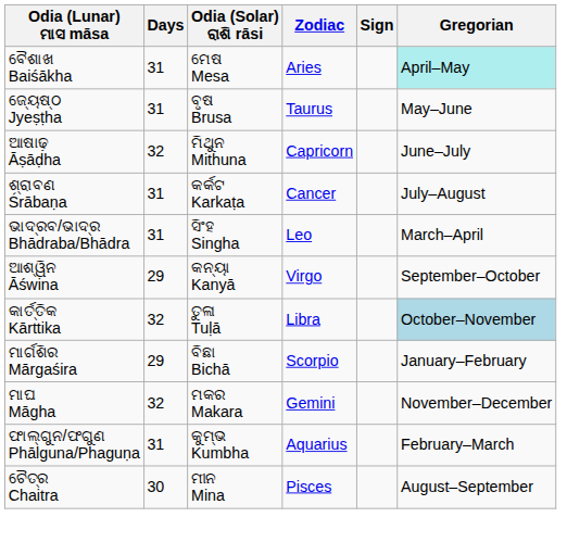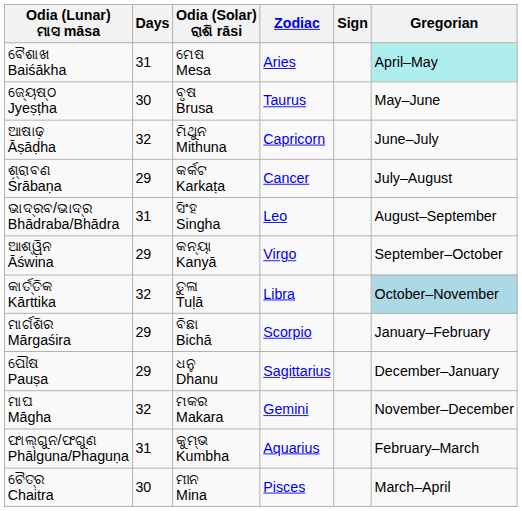 <table class="wikitable">
 <tr>
 <th>Odia (Lunar)<br>ମାସ māsa</th>
 <th>Days</th>
 <th>Odia (Solar)<br>ରାଶି rāsi</th>
 <th><a href='#'>Zodiac</a></th>
 <th>Sign</th>
 <th>Gregorian</th>
 </tr>
 <tr>
 <td>ବୈଶାଖ<br>Baiśākha</td>
 <td>31</td>
 <td>ମେଷ<br>Mesa</td>
 <td><a href='#'>Aries</a></td>
 <td></td>
 <td style="background: paleturquoise;">April–May</td>
 </tr>
 <tr>
 <td>ଜ୍ୟେଷ୍ଠ<br>Jyeṣṭha</td>
-<td>31</td>
+<td>30</td>
 <td>ବୃଷ<br>Brusa</td>
 <td><a href='#'>Taurus</a></td>
 <td></td>
 <td>May–June</td>
 </tr>
 <tr>
 <td>ଆଷାଢ଼<br>Āṣāḍha</td>
 <td>32</td>
 <td>ମିଥୁନ<br>Mithuna</td>
 <td><a href='#'>Capricorn</a></td>
 <td></td>
 <td>June–July</td>
 </tr>
 <tr>
 <td>ଶ୍ରାବଣ<br>Śrābaṇa</td>
-<td>31</td>
+<td>29</td>
 <td>କର୍କଟ<br>Karkaṭa</td>
 <td><a href='#'>Cancer</a></td>
 <td></td>
 <td>July–August</td>
 </tr>
 <tr>
 <td>ଭାଦ୍ରବ/ଭାଦ୍ର<br>Bhādraba/Bhādra</td>
 <td>31</td>
 <td>ସିଂହ<br>Singha</td>
 <td><a href='#'>Leo</a></td>
 <td></td>
-<td>March–April</td>
+<td>August–September</td>
 </tr>
 <tr>
 <td>ଆଶ୍ୱିନ<br>Āświna</td>
 <td>29</td>
 <td>କନ୍ୟା<br>Kanyā</td>
 <td><a href='#'>Virgo</a></td>
 <td></td>
 <td>September–October</td>
 </tr>
 <tr>
 <td>କାର୍ତ୍ତିକ<br>Kārttika</td>
 <td>32</td>
 <td>ତୁଳା<br>Tuḷā</td>
 <td><a href='#'>Libra</a></td>
 <td></td>
 <td style="background: lightblue;">October–November</td>
 </tr>
 <tr>
 <td>ମାର୍ଗଶିର<br>Mārgaśira</td>
 <td>29</td>
 <td>ବିଛା<br>Bichā</td>
 <td><a href='#'>Scorpio</a></td>
 <td></td>
 <td>January–February</td>
 </tr>
 <tr>
+<td>ପୌଷ<br>Pauṣa</td>
+<td>29</td>
+<td>ଧନୁ<br>Dhanu</td>
+<td><a href='#'>Sagittarius</a></td>
+<td></td>
+<td>December–January</td>
+</tr>
+<tr>
 <td>ମାଘ<br>Māgha</td>
 <td>32</td>
 <td>ମକର<br>Makara</td>
 <td><a href='#'>Gemini</a></td>
 <td></td>
 <td>November–December</td>
 </tr>
 <tr>
 <td>ଫାଲ୍‌ଗୁନ/ଫଗୁଣ<br>Phālguna/Phaguṇa</td>
 <td>31</td>
 <td>କୁମ୍ଭ<br>Kumbha</td>
 <td><a href='#'>Aquarius</a></td>
 <td></td>
 <td>February–March</td>
 </tr>
 <tr>
 <td>ଚୈତ୍ର<br>Chaitra</td>
 <td>30</td>
 <td>ମୀନ<br>Mina</td>
 <td><a href='#'>Pisces</a></td>
 <td></td>
-<td>August–September</td>
+<td>March–April</td>
 </tr>
 </table>
